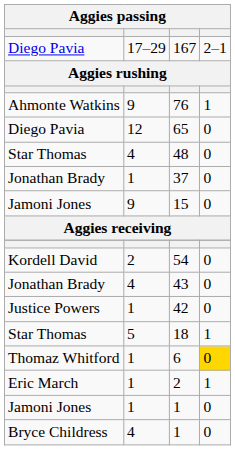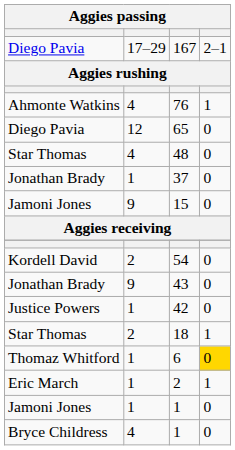 <table class="wikitable plainrowheaders">
 <tr>
 <th colspan="6">Aggies passing</th>
 </tr>
 <tr>
 <th scope="col"></th>
 <th scope="col"></th>
 <th scope="col"></th>
 <th scope="col"></th>
 </tr>
 <tr>
 <td><a href='#'>Diego Pavia</a></td>
 <td>17–29</td>
 <td>167</td>
 <td>2–1</td>
 </tr>
 <tr>
 <th colspan="6">Aggies rushing</th>
 </tr>
 <tr>
 <th scope="col"></th>
 <th scope="col"></th>
 <th scope="col"></th>
 <th scope="col"></th>
 </tr>
 <tr>
 <td>Ahmonte Watkins</td>
-<td>9</td>
+<td>4</td>
 <td>76</td>
 <td>1</td>
 </tr>
 <tr>
 <td>Diego Pavia</td>
 <td>12</td>
 <td>65</td>
 <td>0</td>
 </tr>
 <tr>
 <td>Star Thomas</td>
 <td>4</td>
 <td>48</td>
 <td>0</td>
 </tr>
 <tr>
 <td>Jonathan Brady</td>
 <td>1</td>
 <td>37</td>
 <td>0</td>
 </tr>
 <tr>
 <td>Jamoni Jones</td>
 <td>9</td>
 <td>15</td>
 <td>0</td>
 </tr>
 <tr>
 <th colspan="6">Aggies receiving</th>
 </tr>
 <tr>
 </tr>
 <tr>
 <th scope="col"></th>
 <th scope="col"></th>
 <th scope="col"></th>
 <th scope="col"></th>
 </tr>
 <tr>
 <td>Kordell David</td>
 <td>2</td>
 <td>54</td>
 <td>0</td>
 </tr>
 <tr>
 <td>Jonathan Brady</td>
-<td>4</td>
+<td>9</td>
 <td>43</td>
 <td>0</td>
 </tr>
 <tr>
 <td>Justice Powers</td>
 <td>1</td>
 <td>42</td>
 <td>0</td>
 </tr>
 <tr>
 <td>Star Thomas</td>
-<td>5</td>
+<td>2</td>
 <td>18</td>
 <td>1</td>
 </tr>
 <tr>
 <td>Thomaz Whitford</td>
 <td>1</td>
 <td>6</td>
 <td style="background: gold;">0</td>
 </tr>
 <tr>
 <td>Eric March</td>
 <td>1</td>
 <td>2</td>
 <td>1</td>
 </tr>
 <tr>
 <td>Jamoni Jones</td>
 <td>1</td>
 <td>1</td>
 <td>0</td>
 </tr>
 <tr>
 <td>Bryce Childress</td>
 <td>4</td>
 <td>1</td>
 <td>0</td>
 </tr>
 </table>
